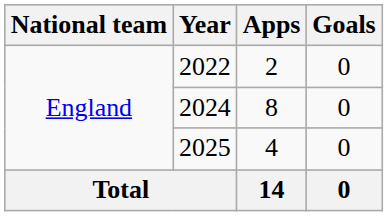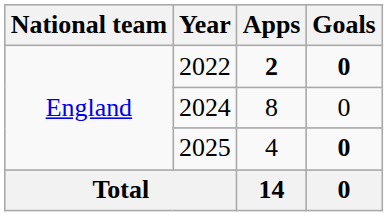 <table class="wikitable" style="text-align:center">
 <tr>
 <th>National team</th>
 <th>Year</th>
 <th>Apps</th>
 <th>Goals</th>
 </tr>
 <tr>
 <td rowspan="3"><a href='#'>England</a></td>
 <td>2022</td>
-<td>2</td>
-<td>0</td>
+<td><strong>2</strong></td>
+<td><strong>0</strong></td>
 </tr>
 <tr>
 <td>2024</td>
 <td>8</td>
 <td>0</td>
 </tr>
 <tr>
 <td>2025</td>
 <td>4</td>
-<td>0</td>
+<td><strong>0</strong></td>
 </tr>
 <tr>
 <th colspan="2">Total</th>
 <th>14</th>
 <th>0</th>
 </tr>
 </table>
